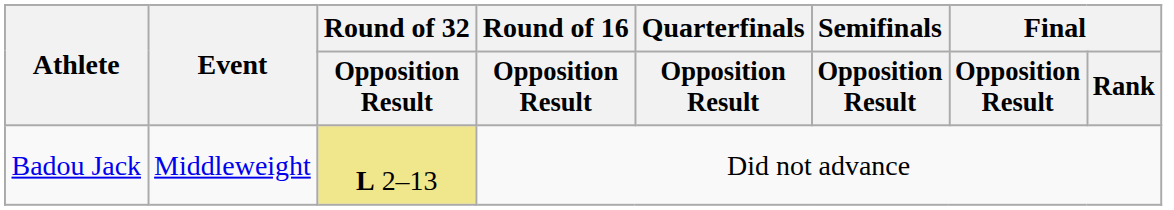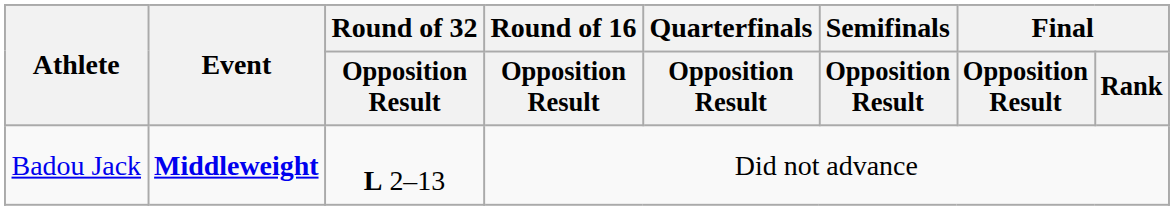 <table class="wikitable" style="font-size:90%">
 <tr>
 <th rowspan="2">Athlete</th>
 <th rowspan="2">Event</th>
 <th>Round of 32</th>
 <th>Round of 16</th>
 <th>Quarterfinals</th>
 <th>Semifinals</th>
 <th colspan=2>Final</th>
 </tr>
 <tr style="font-size:95%">
 <th>Opposition<br>Result</th>
 <th>Opposition<br>Result</th>
 <th>Opposition<br>Result</th>
 <th>Opposition<br>Result</th>
 <th>Opposition<br>Result</th>
 <th>Rank</th>
 </tr>
 <tr align=center>
 <td align=left><a href='#'>Badou Jack</a></td>
-<td align=left><a href='#'>Middleweight</a></td>
-<td style="background: khaki;"><br><strong>L</strong> 2–13</td>
+<td align=left><strong><a href='#'>Middleweight</a></strong></td>
+<td><br><strong>L</strong> 2–13</td>
 <td colspan=6>Did not advance</td>
 </tr>
 </table>
